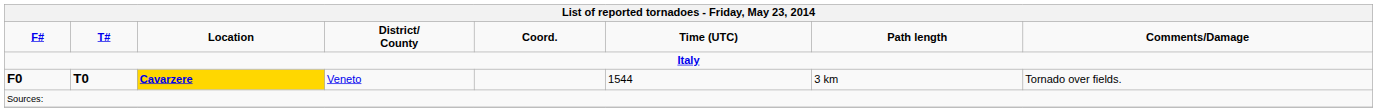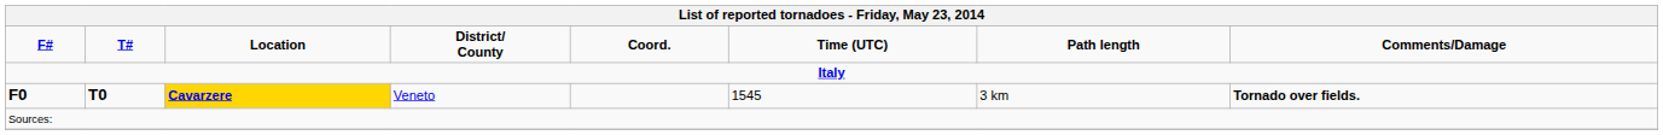 <table class="wikitable collapsible" width="100%">
 <tr>
 <th colspan="8">List of reported tornadoes - Friday, May 23, 2014</th>
 </tr>
 <tr>
 <td style="text-align: center;"><strong><a href='#'>F#</a></strong></td>
 <td style="text-align: center;"><strong><a href='#'>T#</a></strong></td>
 <td style="text-align: center;"><strong>Location</strong></td>
 <td style="text-align: center;"><strong>District/<br>County</strong></td>
 <td style="text-align: center;"><strong>Coord.</strong></td>
 <td style="text-align: center;"><strong>Time (UTC)</strong></td>
 <td style="text-align: center;"><strong>Path length</strong></td>
 <td style="text-align: center;"><strong>Comments/Damage</strong></td>
 </tr>
 <tr>
 <td colspan="8" align=center><strong><a href='#'>Italy</a></strong></td>
 </tr>
 <tr>
 <td><big><strong>F0</strong></big></td>
 <td><big><strong>T0</strong></big></td>
 <td style="background: gold;"><strong><a href='#'>Cavarzere</a></strong></td>
 <td><a href='#'>Veneto</a></td>
 <td></td>
-<td>1544</td>
+<td>1545</td>
 <td>3 km</td>
-<td>Tornado over fields.</td>
+<td><strong>Tornado over fields.</strong></td>
 </tr>
 <tr>
 <td colspan="8"><small>Sources:</small></td>
 </tr>
 <tr>
 </tr>
 </table>
